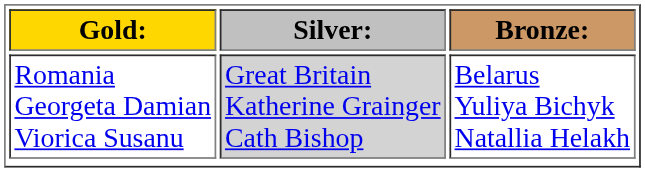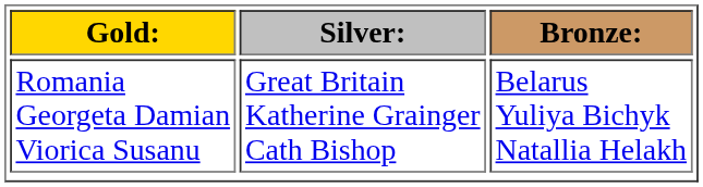 <table border="1" Cellpadding="2">
 <tr>
 <td style="text-align:center;background-color:gold;"><strong>Gold:</strong></td>
 <td style="text-align:center;background-color:silver;"><strong>Silver:</strong></td>
 <td style="text-align:center;background-color:#CC9966;"><strong>Bronze:</strong></td>
 </tr>
 <tr>
 <td> <a href='#'>Romania</a> <br><a href='#'>Georgeta Damian</a><br><a href='#'>Viorica Susanu</a></td>
-<td style="background: lightgrey;"> <a href='#'>Great Britain</a> <br><a href='#'>Katherine Grainger</a><br><a href='#'>Cath Bishop</a></td>
+<td> <a href='#'>Great Britain</a> <br><a href='#'>Katherine Grainger</a><br><a href='#'>Cath Bishop</a></td>
 <td> <a href='#'>Belarus</a> <br><a href='#'>Yuliya Bichyk</a><br><a href='#'>Natallia Helakh</a></td>
 </tr>
 <tr>
 </tr>
 </table>
